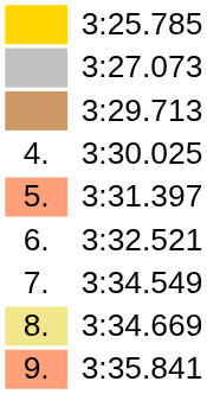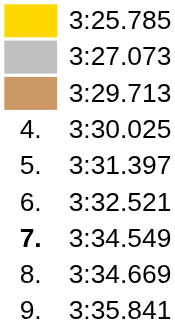 <table style="text-align:center">
 <tr>
 <td width=30 bgcolor=gold></td>
 <td align=left></td>
 <td width=60>3:25.785</td>
 </tr>
 <tr>
 <td bgcolor=silver></td>
 <td align=left></td>
 <td>3:27.073</td>
 </tr>
 <tr>
 <td bgcolor=cc9966></td>
 <td align=left></td>
 <td>3:29.713</td>
 </tr>
 <tr>
 <td>4.</td>
 <td align=left></td>
 <td>3:30.025</td>
 </tr>
 <tr>
-<td style="background: lightsalmon;">5.</td>
+<td>5.</td>
 <td align=left></td>
 <td>3:31.397</td>
 </tr>
 <tr>
 <td>6.</td>
 <td align=left></td>
 <td>3:32.521</td>
 </tr>
 <tr>
-<td>7.</td>
+<td><strong>7.</strong></td>
 <td align=left></td>
 <td>3:34.549</td>
 </tr>
 <tr>
-<td style="background: khaki;">8.</td>
+<td>8.</td>
 <td align=left></td>
 <td>3:34.669</td>
 </tr>
 <tr>
-<td style="background: lightsalmon;">9.</td>
+<td>9.</td>
 <td align=left></td>
 <td>3:35.841</td>
 </tr>
 </table>
